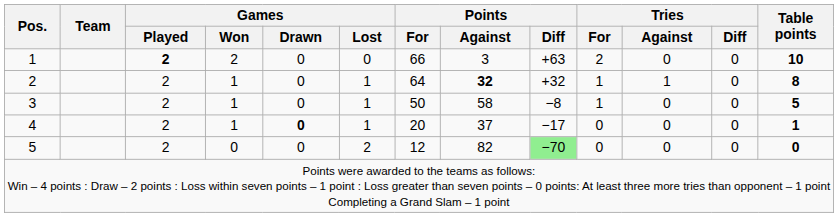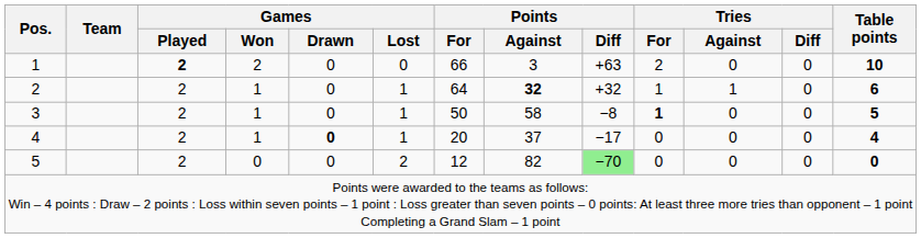 <table class="wikitable" style="text-align:center">
 <tr>
 <th rowspan="2">Pos.</th>
 <th rowspan="2">Team</th>
 <th colspan="4">Games</th>
 <th colspan="3">Points</th>
 <th colspan="3">Tries</th>
 <th rowspan="2">Table<br>points</th>
 </tr>
 <tr>
 <th>Played</th>
 <th>Won</th>
 <th>Drawn</th>
 <th>Lost</th>
 <th>For</th>
 <th>Against</th>
 <th>Diff</th>
 <th>For</th>
 <th>Against</th>
 <th>Diff</th>
 </tr>
 <tr>
 <td>1</td>
 <td align=left></td>
 <td><strong>2</strong></td>
 <td>2</td>
 <td>0</td>
 <td>0</td>
 <td>66</td>
 <td>3</td>
 <td>+63</td>
 <td>2</td>
 <td>0</td>
 <td>0</td>
 <td><strong>10</strong></td>
 </tr>
 <tr>
 <td>2</td>
 <td align=left></td>
 <td>2</td>
 <td>1</td>
 <td>0</td>
 <td>1</td>
 <td>64</td>
 <td><strong>32</strong></td>
 <td>+32</td>
 <td>1</td>
 <td>1</td>
 <td>0</td>
-<td><strong>8</strong></td>
+<td><strong>6</strong></td>
 </tr>
 <tr>
 <td>3</td>
 <td align=left></td>
 <td>2</td>
 <td>1</td>
 <td>0</td>
 <td>1</td>
 <td>50</td>
 <td>58</td>
 <td>−8</td>
-<td>1</td>
+<td><strong>1</strong></td>
 <td>0</td>
 <td>0</td>
 <td><strong>5</strong></td>
 </tr>
 <tr>
 <td>4</td>
 <td align=left></td>
 <td>2</td>
 <td>1</td>
 <td><strong>0</strong></td>
 <td>1</td>
 <td>20</td>
 <td>37</td>
 <td>−17</td>
 <td>0</td>
 <td>0</td>
 <td>0</td>
-<td><strong>1</strong></td>
+<td><strong>4</strong></td>
 </tr>
 <tr>
 <td>5</td>
 <td align=left></td>
 <td>2</td>
 <td>0</td>
 <td>0</td>
 <td>2</td>
 <td>12</td>
 <td>82</td>
 <td style="background: lightgreen;">−70</td>
 <td>0</td>
 <td>0</td>
 <td>0</td>
 <td><strong>0</strong></td>
 </tr>
 <tr>
 <td colspan="13"><small>Points were awarded to the teams as follows:<br>Win – 4 points : Draw – 2 points : Loss within seven points – 1 point : Loss greater than seven points – 0 points: At least three more tries than opponent – 1 point<br>Completing a Grand Slam – 1 point </small></td>
 </tr>
 </table>
